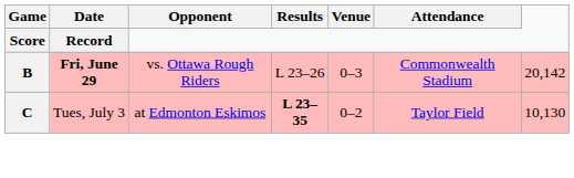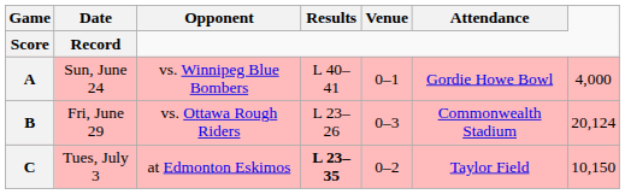 <table class="wikitable" style="text-align:center">
 <tr>
 <th>Game</th>
 <th>Date</th>
 <th>Opponent</th>
 <th>Results</th>
 <th>Venue</th>
 <th>Attendance</th>
 </tr>
 <tr>
 <th>Score</th>
 <th>Record</th>
 </tr>
 <tr style="background:#ffbbbb">
+<th>A</th>
+<td>Sun, June 24</td>
+<td>vs. <a href='#'>Winnipeg Blue Bombers</a></td>
+<td>L 40–41</td>
+<td>0–1</td>
+<td><a href='#'>Gordie Howe Bowl</a></td>
+<td>4,000</td>
+</tr>
+<tr style="background:#ffbbbb">
 <th>B</th>
-<td><strong>Fri, June 29</strong></td>
+<td>Fri, June 29</td>
 <td>vs. <a href='#'>Ottawa Rough Riders</a></td>
 <td>L 23–26</td>
 <td>0–3</td>
 <td><a href='#'>Commonwealth Stadium</a></td>
-<td>20,142</td>
+<td>20,124</td>
 </tr>
 <tr style="background:#ffbbbb">
 <th>C</th>
 <td>Tues, July 3</td>
 <td>at <a href='#'>Edmonton Eskimos</a></td>
 <td><strong>L 23–35</strong></td>
 <td>0–2</td>
 <td><a href='#'>Taylor Field</a></td>
-<td>10,130</td>
+<td>10,150</td>
 </tr>
 </table>
